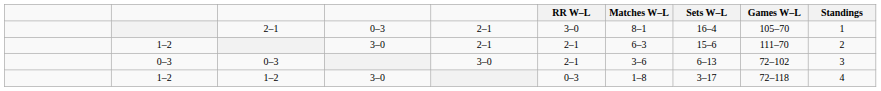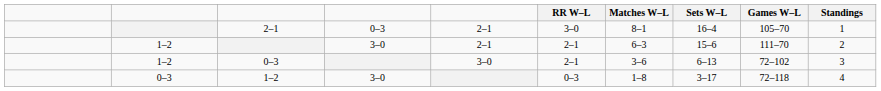 <table class="wikitable" style="width: 100%; text-align:center; font-size:90%">
 <tr>
 <td width=130></td>
 <td width=130></td>
 <td width=130></td>
 <td width=130></td>
 <td width=130></td>
 <th width=80>RR W–L</th>
 <th width=80>Matches W–L</th>
 <th width=80>Sets W–L</th>
 <th width=80>Games W–L</th>
 <th width=80>Standings</th>
 </tr>
 <tr>
 <td style="text-align:left;"></td>
 <th bgcolor="ededed"></th>
 <td>2–1</td>
 <td>0–3</td>
 <td>2–1</td>
 <td>3–0</td>
 <td>8–1</td>
 <td>16–4</td>
 <td>105–70</td>
 <td>1</td>
 </tr>
 <tr>
 <td style="text-align:left;"></td>
 <td>1–2</td>
 <th bgcolor="ededed"></th>
 <td>3–0</td>
 <td>2–1</td>
 <td>2–1</td>
 <td>6–3</td>
 <td>15–6</td>
 <td>111–70</td>
 <td>2</td>
 </tr>
 <tr>
 <td style="text-align:left;"></td>
-<td>0–3</td>
+<td>1–2</td>
 <td>0–3</td>
 <th bgcolor="ededed"></th>
 <td>3–0</td>
 <td>2–1</td>
 <td>3–6</td>
 <td>6–13</td>
 <td>72–102</td>
 <td>3</td>
 </tr>
 <tr>
 <td style="text-align:left;"></td>
-<td>1–2</td>
+<td>0–3</td>
 <td>1–2</td>
 <td>3–0</td>
 <th bgcolor="ededed"></th>
 <td>0–3</td>
 <td>1–8</td>
 <td>3–17</td>
 <td>72–118</td>
 <td>4</td>
 </tr>
 </table>
